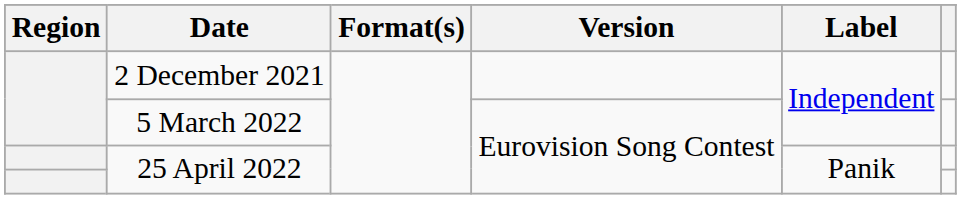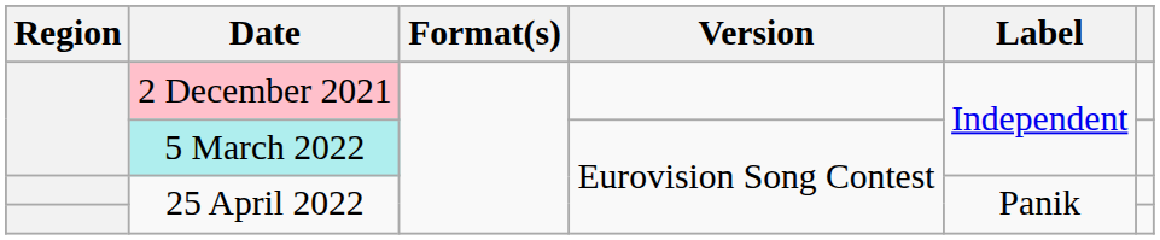 <table class="wikitable plainrowheaders" style="text-align:center">
 <tr>
 <th scope="col">Region</th>
 <th scope="col">Date</th>
 <th scope="col">Format(s)</th>
 <th scope="col">Version</th>
 <th scope="col">Label</th>
 <th scope="col"></th>
 </tr>
 <tr>
 <th scope="row" rowspan="2"></th>
-<td>2 December 2021</td>
+<td style="background: pink;">2 December 2021</td>
 <td rowspan="4"></td>
 <td></td>
 <td rowspan="2"><a href='#'>Independent</a></td>
 <td></td>
 </tr>
 <tr>
-<td>5 March 2022</td>
+<td style="background: paleturquoise;">5 March 2022</td>
 <td rowspan="3">Eurovision Song Contest</td>
 <td></td>
 </tr>
 <tr>
 <th scope="row"></th>
 <td rowspan="2">25 April 2022</td>
 <td rowspan="2">Panik</td>
 <td></td>
 </tr>
 <tr>
 <th scope="row"></th>
 <td></td>
 </tr>
 </table>
